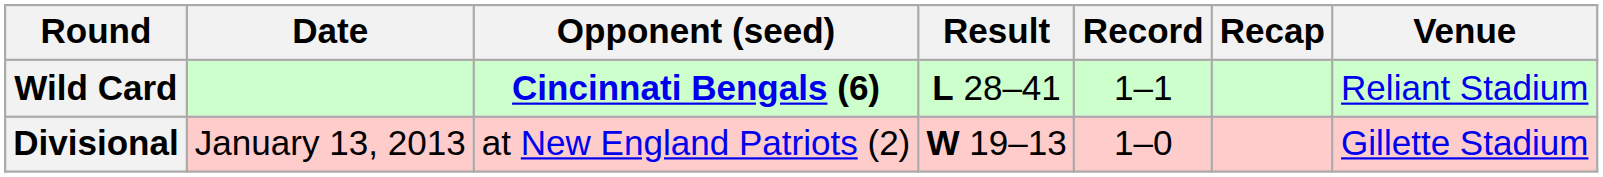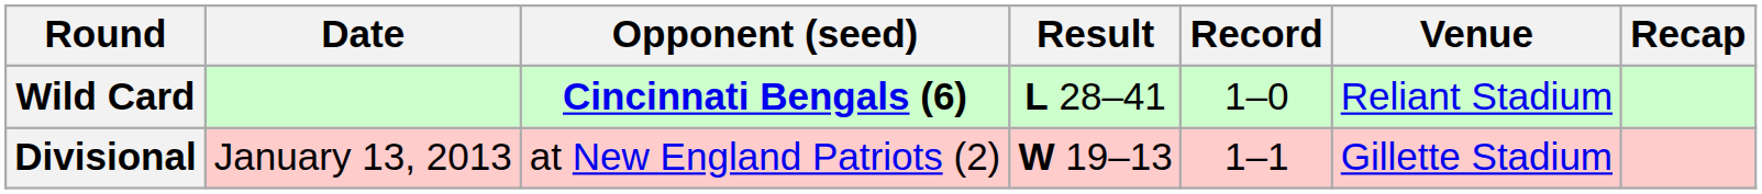 <table class="wikitable" style="text-align:center">
 <tr>
 <th>Round</th>
 <th>Date</th>
 <th>Opponent (seed)</th>
 <th>Result</th>
 <th>Record</th>
+<th>Venue</th>
 <th>Recap</th>
-<th>Venue</th>
 </tr>
 <tr style="background:#cfc">
 <th>Wild Card</th>
 <td></td>
 <td><strong><a href='#'>Cincinnati Bengals</a> (6)</strong></td>
 <td><strong>L</strong> 28–41</td>
-<td>1–1</td>
+<td>1–0</td>
+<td><a href='#'>Reliant Stadium</a></td>
 <td></td>
-<td><a href='#'>Reliant Stadium</a></td>
 </tr>
 <tr style="background:#fcc">
 <th>Divisional</th>
 <td>January 13, 2013</td>
 <td>at <a href='#'>New England Patriots</a> (2)</td>
 <td><strong>W</strong> 19–13</td>
-<td>1–0</td>
+<td>1–1</td>
+<td><a href='#'>Gillette Stadium</a></td>
 <td></td>
-<td><a href='#'>Gillette Stadium</a></td>
 </tr>
 </table>
